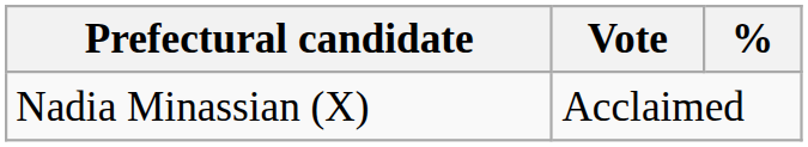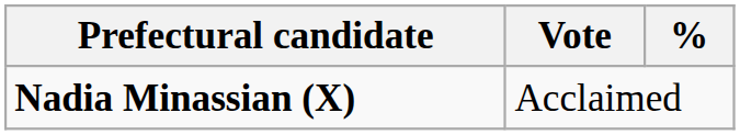 <table class="wikitable">
 <tr>
 <th bgcolor="#DDDDFF" width="200px">Prefectural candidate</th>
 <th bgcolor="#DDDDFF" width="50px">Vote</th>
 <th bgcolor="#DDDDFF" width="30px">%</th>
 </tr>
 <tr>
-<td>Nadia Minassian (X)</td>
+<td><strong>Nadia Minassian (X)</strong></td>
 <td colspan="2">Acclaimed</td>
 </tr>
 </table>
